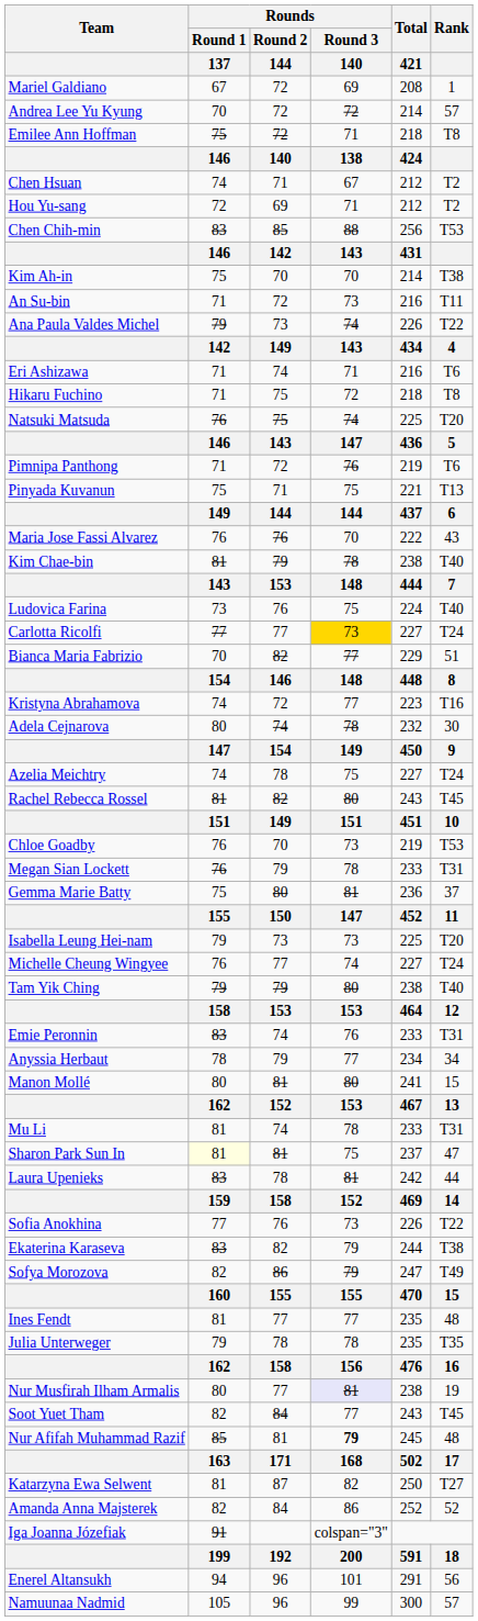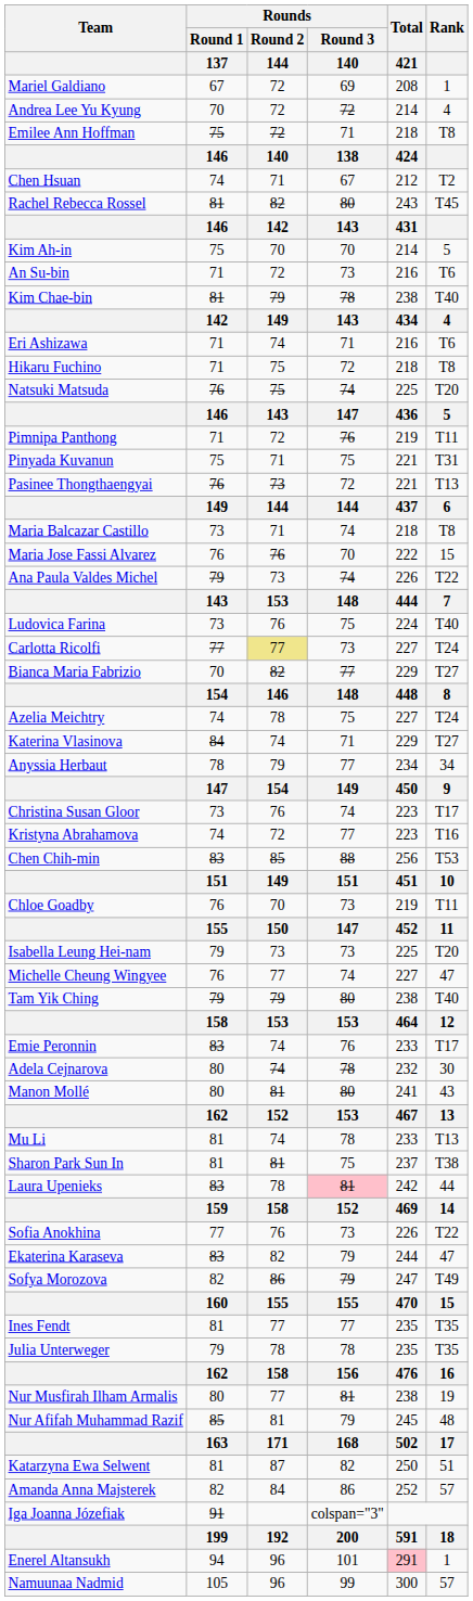 <table class="wikitable" style="text-align:center">
 <tr>
 <th rowspan="2">Team</th>
 <th colspan="3">Rounds</th>
 <th rowspan="2">Total</th>
 <th rowspan="2">Rank</th>
 </tr>
 <tr>
 <th>Round 1</th>
 <th>Round 2</th>
 <th>Round 3</th>
 </tr>
 <tr>
 <th></th>
 <th>137</th>
 <th>144</th>
 <th>140</th>
 <th>421</th>
 <th></th>
 </tr>
 <tr>
 <td align="left"><a href='#'>Mariel Galdiano</a></td>
 <td>67</td>
 <td>72</td>
 <td>69</td>
 <td>208</td>
 <td>1</td>
 </tr>
 <tr>
 <td align="left"><a href='#'>Andrea Lee Yu Kyung</a></td>
 <td>70</td>
 <td>72</td>
 <td><s>72</s></td>
 <td>214</td>
-<td>57</td>
+<td>4</td>
 </tr>
 <tr>
 <td align="left"><a href='#'>Emilee Ann Hoffman</a></td>
 <td><s>75</s></td>
 <td><s>72</s></td>
 <td>71</td>
 <td>218</td>
 <td>T8</td>
 </tr>
 <tr>
 <th></th>
 <th>146</th>
 <th>140</th>
 <th>138</th>
 <th>424</th>
 <th></th>
 </tr>
 <tr>
 <td align="left"><a href='#'>Chen Hsuan</a></td>
 <td>74</td>
 <td>71</td>
 <td>67</td>
 <td>212</td>
 <td>T2</td>
 </tr>
 <tr>
-<td align="left"><a href='#'>Hou Yu-sang</a></td>
-<td>72</td>
-<td>69</td>
-<td>71</td>
-<td>212</td>
-<td>T2</td>
-</tr>
-<tr>
-<td align="left"><a href='#'>Chen Chih-min</a></td>
-<td><s>83</s></td>
-<td><s>85</s></td>
-<td><s>88</s></td>
-<td>256</td>
-<td>T53</td>
+<td align="left"><a href='#'>Rachel Rebecca Rossel</a></td>
+<td><s>81</s></td>
+<td><s>82</s></td>
+<td><s>80</s></td>
+<td>243</td>
+<td>T45</td>
 </tr>
 <tr>
 <th></th>
 <th>146</th>
 <th>142</th>
 <th>143</th>
 <th>431</th>
 <th></th>
 </tr>
 <tr>
 <td align="left"><a href='#'>Kim Ah-in</a></td>
 <td>75</td>
 <td>70</td>
 <td>70</td>
 <td>214</td>
-<td>T38</td>
+<td>5</td>
 </tr>
 <tr>
 <td align="left"><a href='#'>An Su-bin</a></td>
 <td>71</td>
 <td>72</td>
 <td>73</td>
 <td>216</td>
-<td>T11</td>
+<td>T6</td>
 </tr>
 <tr>
-<td align="left"><a href='#'>Ana Paula Valdes Michel</a></td>
+<td align="left"><a href='#'>Kim Chae-bin</a></td>
+<td><s>81</s></td>
 <td><s>79</s></td>
-<td>73</td>
-<td><s>74</s></td>
-<td>226</td>
-<td>T22</td>
+<td><s>78</s></td>
+<td>238</td>
+<td>T40</td>
 </tr>
 <tr>
 <th></th>
 <th>142</th>
 <th>149</th>
 <th>143</th>
 <th>434</th>
 <th>4</th>
 </tr>
 <tr>
 <td align="left"><a href='#'>Eri Ashizawa</a></td>
 <td>71</td>
 <td>74</td>
 <td>71</td>
 <td>216</td>
 <td>T6</td>
 </tr>
 <tr>
 <td align="left"><a href='#'>Hikaru Fuchino</a></td>
 <td>71</td>
 <td>75</td>
 <td>72</td>
 <td>218</td>
 <td>T8</td>
 </tr>
 <tr>
 <td align="left"><a href='#'>Natsuki Matsuda</a></td>
 <td><s>76</s></td>
 <td><s>75</s></td>
 <td><s>74</s></td>
 <td>225</td>
 <td>T20</td>
 </tr>
 <tr>
 <th></th>
 <th>146</th>
 <th>143</th>
 <th>147</th>
 <th>436</th>
 <th>5</th>
 </tr>
 <tr>
 <td align="left"><a href='#'>Pimnipa Panthong</a></td>
 <td>71</td>
 <td>72</td>
 <td><s>76</s></td>
 <td>219</td>
-<td>T6</td>
+<td>T11</td>
 </tr>
 <tr>
 <td align="left"><a href='#'>Pinyada Kuvanun</a></td>
 <td>75</td>
 <td>71</td>
 <td>75</td>
+<td>221</td>
+<td>T31</td>
+</tr>
+<tr>
+<td align="left"><a href='#'>Pasinee Thongthaengyai</a></td>
+<td><s>76</s></td>
+<td><s>73</s></td>
+<td>72</td>
 <td>221</td>
 <td>T13</td>
 </tr>
 <tr>
 <th></th>
 <th>149</th>
 <th>144</th>
 <th>144</th>
 <th>437</th>
 <th>6</th>
 </tr>
 <tr>
+<td align="left"><a href='#'>Maria Balcazar Castillo</a></td>
+<td>73</td>
+<td>71</td>
+<td>74</td>
+<td>218</td>
+<td>T8</td>
+</tr>
+<tr>
 <td align="left"><a href='#'>Maria Jose Fassi Alvarez</a></td>
 <td>76</td>
 <td><s>76</s></td>
 <td>70</td>
 <td>222</td>
-<td>43</td>
+<td>15</td>
 </tr>
 <tr>
-<td align="left"><a href='#'>Kim Chae-bin</a></td>
-<td><s>81</s></td>
+<td align="left"><a href='#'>Ana Paula Valdes Michel</a></td>
 <td><s>79</s></td>
-<td><s>78</s></td>
-<td>238</td>
-<td>T40</td>
+<td>73</td>
+<td><s>74</s></td>
+<td>226</td>
+<td>T22</td>
 </tr>
 <tr>
 <th></th>
 <th>143</th>
 <th>153</th>
 <th>148</th>
 <th>444</th>
 <th>7</th>
 </tr>
 <tr>
 <td align="left"><a href='#'>Ludovica Farina</a></td>
 <td>73</td>
 <td>76</td>
 <td>75</td>
 <td>224</td>
 <td>T40</td>
 </tr>
 <tr>
 <td align="left"><a href='#'>Carlotta Ricolfi</a></td>
 <td><s>77</s></td>
-<td>77</td>
-<td style="background: gold;">73</td>
+<td style="background: khaki;">77</td>
+<td>73</td>
 <td>227</td>
 <td>T24</td>
 </tr>
 <tr>
 <td align="left"><a href='#'>Bianca Maria Fabrizio</a></td>
 <td>70</td>
 <td><s>82</s></td>
 <td><s>77</s></td>
 <td>229</td>
-<td>51</td>
+<td>T27</td>
 </tr>
 <tr>
 <th></th>
 <th>154</th>
 <th>146</th>
 <th>148</th>
 <th>448</th>
 <th>8</th>
 </tr>
 <tr>
-<td align="left"><a href='#'>Kristyna Abrahamova</a></td>
+<td align="left"><a href='#'>Azelia Meichtry</a></td>
 <td>74</td>
-<td>72</td>
-<td>77</td>
-<td>223</td>
-<td>T16</td>
+<td>78</td>
+<td>75</td>
+<td>227</td>
+<td>T24</td>
 </tr>
 <tr>
-<td align="left"><a href='#'>Adela Cejnarova</a></td>
-<td>80</td>
-<td><s>74</s></td>
-<td><s>78</s></td>
-<td>232</td>
-<td>30</td>
+<td align="left"><a href='#'>Katerina Vlasinova</a></td>
+<td><s>84</s></td>
+<td>74</td>
+<td>71</td>
+<td>229</td>
+<td>T27</td>
+</tr>
+<tr>
+<td align="left"><a href='#'>Anyssia Herbaut</a></td>
+<td>78</td>
+<td>79</td>
+<td>77</td>
+<td>234</td>
+<td>34</td>
 </tr>
 <tr>
 <th></th>
 <th>147</th>
 <th>154</th>
 <th>149</th>
 <th>450</th>
 <th>9</th>
 </tr>
 <tr>
-<td align="left"><a href='#'>Azelia Meichtry</a></td>
+<td align="left"><a href='#'>Christina Susan Gloor</a></td>
+<td>73</td>
+<td>76</td>
 <td>74</td>
-<td>78</td>
-<td>75</td>
-<td>227</td>
-<td>T24</td>
+<td>223</td>
+<td>T17</td>
 </tr>
 <tr>
-<td align="left"><a href='#'>Rachel Rebecca Rossel</a></td>
-<td><s>81</s></td>
-<td><s>82</s></td>
-<td><s>80</s></td>
-<td>243</td>
-<td>T45</td>
+<td align="left"><a href='#'>Kristyna Abrahamova</a></td>
+<td>74</td>
+<td>72</td>
+<td>77</td>
+<td>223</td>
+<td>T16</td>
+</tr>
+<tr>
+<td align="left"><a href='#'>Chen Chih-min</a></td>
+<td><s>83</s></td>
+<td><s>85</s></td>
+<td><s>88</s></td>
+<td>256</td>
+<td>T53</td>
 </tr>
 <tr>
 <th></th>
 <th>151</th>
 <th>149</th>
 <th>151</th>
 <th>451</th>
 <th>10</th>
 </tr>
 <tr>
 <td align="left"><a href='#'>Chloe Goadby</a></td>
 <td>76</td>
 <td>70</td>
 <td>73</td>
 <td>219</td>
-<td>T53</td>
-</tr>
-<tr>
-<td align="left"><a href='#'>Megan Sian Lockett</a></td>
-<td><s>76</s></td>
-<td>79</td>
-<td>78</td>
-<td>233</td>
-<td>T31</td>
-</tr>
-<tr>
-<td align="left"><a href='#'>Gemma Marie Batty</a></td>
-<td>75</td>
-<td><s>80</s></td>
-<td><s>81</s></td>
-<td>236</td>
-<td>37</td>
+<td>T11</td>
 </tr>
 <tr>
 <th></th>
 <th>155</th>
 <th>150</th>
 <th>147</th>
 <th>452</th>
 <th>11</th>
 </tr>
 <tr>
 <td align="left"><a href='#'>Isabella Leung Hei-nam</a></td>
 <td>79</td>
 <td>73</td>
 <td>73</td>
 <td>225</td>
 <td>T20</td>
 </tr>
 <tr>
 <td align="left"><a href='#'>Michelle Cheung Wingyee</a></td>
 <td>76</td>
 <td>77</td>
 <td>74</td>
 <td>227</td>
-<td>T24</td>
+<td>47</td>
 </tr>
 <tr>
 <td align="left"><a href='#'>Tam Yik Ching</a></td>
 <td><s>79</s></td>
 <td><s>79</s></td>
 <td><s>80</s></td>
 <td>238</td>
 <td>T40</td>
 </tr>
 <tr>
 <th></th>
 <th>158</th>
 <th>153</th>
 <th>153</th>
 <th>464</th>
 <th>12</th>
 </tr>
 <tr>
 <td align="left"><a href='#'>Emie Peronnin</a></td>
 <td><s>83</s></td>
 <td>74</td>
 <td>76</td>
 <td>233</td>
-<td>T31</td>
+<td>T17</td>
 </tr>
 <tr>
-<td align="left"><a href='#'>Anyssia Herbaut</a></td>
-<td>78</td>
-<td>79</td>
-<td>77</td>
-<td>234</td>
-<td>34</td>
+<td align="left"><a href='#'>Adela Cejnarova</a></td>
+<td>80</td>
+<td><s>74</s></td>
+<td><s>78</s></td>
+<td>232</td>
+<td>30</td>
 </tr>
 <tr>
 <td align="left"><a href='#'>Manon Mollé</a></td>
 <td>80</td>
 <td><s>81</s></td>
 <td><s>80</s></td>
 <td>241</td>
-<td>15</td>
+<td>43</td>
 </tr>
 <tr>
 <th></th>
 <th>162</th>
 <th>152</th>
 <th>153</th>
 <th>467</th>
 <th>13</th>
 </tr>
 <tr>
 <td align="left"><a href='#'>Mu Li</a></td>
 <td>81</td>
 <td>74</td>
 <td>78</td>
 <td>233</td>
-<td>T31</td>
+<td>T13</td>
 </tr>
 <tr>
 <td align="left"><a href='#'>Sharon Park Sun In</a></td>
-<td style="background: lightyellow;">81</td>
+<td>81</td>
 <td><s>81</s></td>
 <td>75</td>
 <td>237</td>
-<td>47</td>
+<td>T38</td>
 </tr>
 <tr>
 <td align="left"><a href='#'>Laura Upenieks</a></td>
 <td><s>83</s></td>
 <td>78</td>
-<td><s>81</s></td>
+<td style="background: pink;"><s>81</s></td>
 <td>242</td>
 <td>44</td>
 </tr>
 <tr>
 <th></th>
 <th>159</th>
 <th>158</th>
 <th>152</th>
 <th>469</th>
 <th>14</th>
 </tr>
 <tr>
 <td align="left"><a href='#'>Sofia Anokhina</a></td>
 <td>77</td>
 <td>76</td>
 <td>73</td>
 <td>226</td>
 <td>T22</td>
 </tr>
 <tr>
 <td align="left"><a href='#'>Ekaterina Karaseva</a></td>
 <td><s>83</s></td>
 <td>82</td>
 <td>79</td>
 <td>244</td>
-<td>T38</td>
+<td>47</td>
 </tr>
 <tr>
 <td align="left"><a href='#'>Sofya Morozova</a></td>
 <td>82</td>
 <td><s>86</s></td>
 <td><s>79</s></td>
 <td>247</td>
 <td>T49</td>
 </tr>
 <tr>
 <th></th>
 <th>160</th>
 <th>155</th>
 <th>155</th>
 <th>470</th>
 <th>15</th>
 </tr>
 <tr>
 <td align="left"><a href='#'>Ines Fendt</a></td>
 <td>81</td>
 <td>77</td>
 <td>77</td>
 <td>235</td>
-<td>48</td>
+<td>T35</td>
 </tr>
 <tr>
 <td align="left"><a href='#'>Julia Unterweger</a></td>
 <td>79</td>
 <td>78</td>
 <td>78</td>
 <td>235</td>
 <td>T35</td>
 </tr>
 <tr>
 <th></th>
 <th>162</th>
 <th>158</th>
 <th>156</th>
 <th>476</th>
 <th>16</th>
 </tr>
 <tr>
 <td align="left"><a href='#'>Nur Musfirah Ilham Armalis</a></td>
 <td>80</td>
 <td>77</td>
-<td style="background: lavender;"><s>81</s></td>
+<td><s>81</s></td>
 <td>238</td>
 <td>19</td>
-</tr>
-<tr>
-<td align="left"><a href='#'>Soot Yuet Tham</a></td>
-<td>82</td>
-<td><s>84</s></td>
-<td>77</td>
-<td>243</td>
-<td>T45</td>
 </tr>
 <tr>
 <td align="left"><a href='#'>Nur Afifah Muhammad Razif</a></td>
 <td><s>85</s></td>
 <td>81</td>
-<td><strong>79</strong></td>
+<td>79</td>
 <td>245</td>
 <td>48</td>
 </tr>
 <tr>
 <th></th>
 <th>163</th>
 <th>171</th>
 <th>168</th>
 <th>502</th>
 <th>17</th>
 </tr>
 <tr>
 <td align="left"><a href='#'>Katarzyna Ewa Selwent</a></td>
 <td>81</td>
 <td>87</td>
 <td>82</td>
 <td>250</td>
-<td>T27</td>
+<td>51</td>
 </tr>
 <tr>
 <td align="left"><a href='#'>Amanda Anna Majsterek</a></td>
 <td>82</td>
 <td>84</td>
 <td>86</td>
 <td>252</td>
-<td>52</td>
+<td>57</td>
 </tr>
 <tr>
 <td align="left"><a href='#'>Iga Joanna Józefiak</a></td>
 <td><s>91</s></td>
 <td><strong></strong></td>
 <td>colspan="3" </td>
 </tr>
 <tr>
 <th></th>
 <th>199</th>
 <th>192</th>
 <th>200</th>
 <th>591</th>
 <th>18</th>
 </tr>
 <tr>
 <td align="left"><a href='#'>Enerel Altansukh</a></td>
 <td>94</td>
 <td>96</td>
 <td>101</td>
-<td>291</td>
-<td>56</td>
+<td style="background: pink;">291</td>
+<td>1</td>
 </tr>
 <tr>
 <td align="left"><a href='#'>Namuunaa Nadmid</a></td>
 <td>105</td>
 <td>96</td>
 <td>99</td>
 <td>300</td>
 <td>57</td>
 </tr>
 </table>
